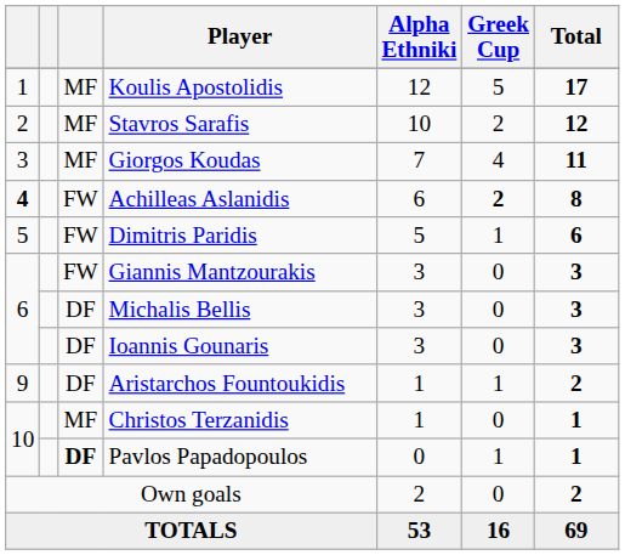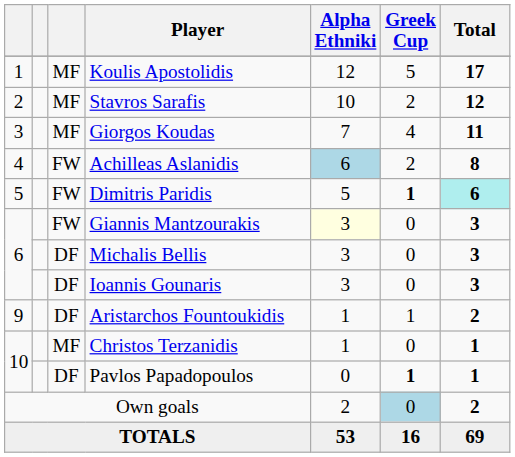 <table class="wikitable sortable" style="text-align:center">
 <tr>
 <th width=5></th>
 <th width=5></th>
 <th width=5></th>
 <th width=180>Player</th>
 <th width=30><a href='#'>Alpha Ethniki</a></th>
 <th width=30><a href='#'>Greek Cup</a></th>
 <th width=50>Total</th>
 </tr>
 <tr>
 </tr>
 <tr>
 <td>1</td>
 <td></td>
 <td>MF</td>
 <td align=left> <a href='#'>Koulis Apostolidis</a></td>
 <td>12</td>
 <td>5</td>
 <td><strong>17</strong></td>
 </tr>
 <tr>
 <td>2</td>
 <td></td>
 <td>MF</td>
 <td align=left> <a href='#'>Stavros Sarafis</a></td>
 <td>10</td>
 <td>2</td>
 <td><strong>12</strong></td>
 </tr>
 <tr>
 <td>3</td>
 <td></td>
 <td>MF</td>
 <td align=left> <a href='#'>Giorgos Koudas</a></td>
 <td>7</td>
 <td>4</td>
 <td><strong>11</strong></td>
 </tr>
 <tr>
-<td><strong>4</strong></td>
+<td>4</td>
 <td></td>
 <td>FW</td>
 <td align=left> <a href='#'>Achilleas Aslanidis</a></td>
-<td>6</td>
-<td><strong>2</strong></td>
+<td style="background: lightblue;">6</td>
+<td>2</td>
 <td><strong>8</strong></td>
 </tr>
 <tr>
 <td>5</td>
 <td></td>
 <td>FW</td>
 <td align=left> <a href='#'>Dimitris Paridis</a></td>
 <td>5</td>
-<td>1</td>
-<td><strong>6</strong></td>
+<td><strong>1</strong></td>
+<td style="background: paleturquoise;"><strong>6</strong></td>
 </tr>
 <tr>
 <td rowspan=3>6</td>
 <td></td>
 <td>FW</td>
 <td align=left> <a href='#'>Giannis Mantzourakis</a></td>
-<td>3</td>
+<td style="background: lightyellow;">3</td>
 <td>0</td>
 <td><strong>3</strong></td>
 </tr>
 <tr>
 <td></td>
 <td>DF</td>
 <td align=left> <a href='#'>Michalis Bellis</a></td>
 <td>3</td>
 <td>0</td>
 <td><strong>3</strong></td>
 </tr>
 <tr>
 <td></td>
 <td>DF</td>
 <td align=left> <a href='#'>Ioannis Gounaris</a></td>
 <td>3</td>
 <td>0</td>
 <td><strong>3</strong></td>
 </tr>
 <tr>
 <td>9</td>
 <td></td>
 <td>DF</td>
 <td align=left> <a href='#'>Aristarchos Fountoukidis</a></td>
 <td>1</td>
 <td>1</td>
 <td><strong>2</strong></td>
 </tr>
 <tr>
 <td rowspan=2>10</td>
 <td></td>
 <td>MF</td>
 <td align=left> <a href='#'>Christos Terzanidis</a></td>
 <td>1</td>
 <td>0</td>
 <td><strong>1</strong></td>
 </tr>
 <tr>
 <td></td>
-<td><strong>DF</strong></td>
+<td>DF</td>
 <td align=left> Pavlos Papadopoulos</td>
 <td>0</td>
-<td>1</td>
+<td><strong>1</strong></td>
 <td><strong>1</strong></td>
 </tr>
 <tr>
 <td colspan="4">Own goals</td>
 <td>2</td>
-<td>0</td>
+<td style="background: lightblue;">0</td>
 <td><strong>2</strong></td>
 </tr>
 <tr bgcolor="#EFEFEF">
 <td colspan=4><strong>TOTALS</strong></td>
 <td><strong>53</strong></td>
 <td><strong>16</strong></td>
 <td><strong>69</strong></td>
 </tr>
 </table>
